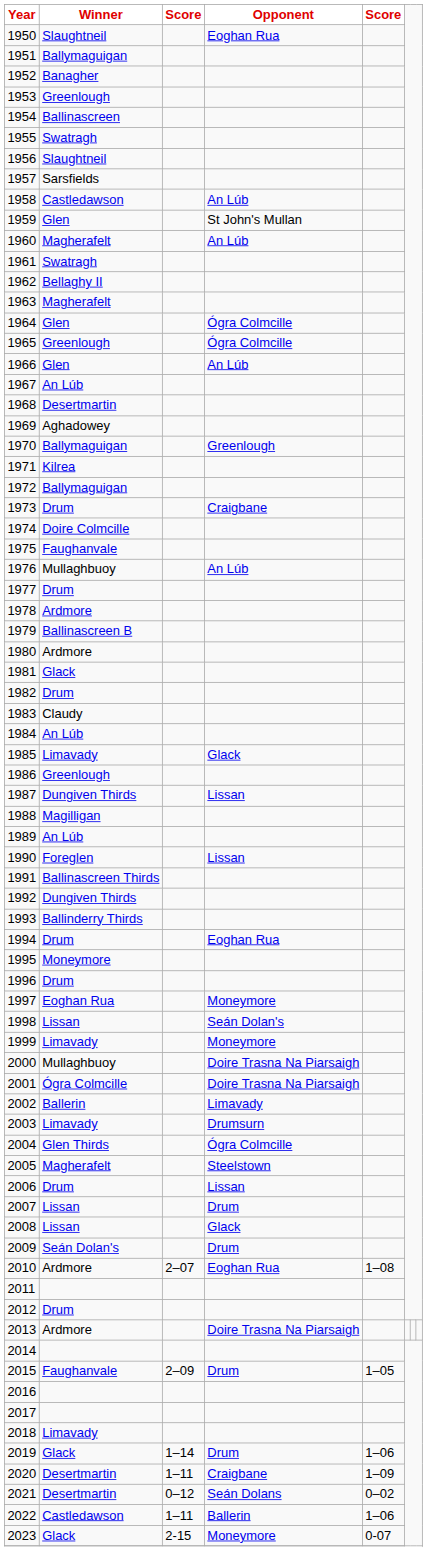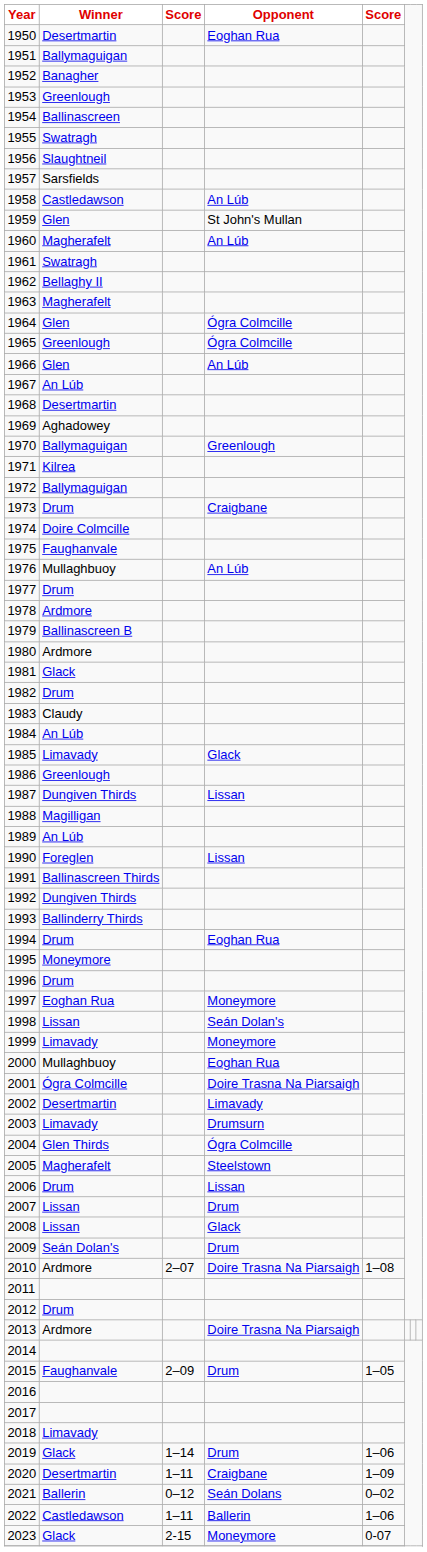 <table class="wikitable">
 <tr>
 <th style="background:white;color:#E00000;">Year</th>
 <th style="background:white;color:#E00000;">Winner</th>
 <th style="background:white;color:#E00000;">Score</th>
 <th style="background:white;color:#E00000;">Opponent</th>
 <th style="background:white;color:#E00000;">Score</th>
 </tr>
 <tr>
 <td>1950</td>
-<td><a href='#'>Slaughtneil</a></td>
+<td><a href='#'>Desertmartin</a></td>
 <td></td>
 <td><a href='#'>Eoghan Rua</a></td>
 <td></td>
 </tr>
 <tr>
 <td>1951</td>
 <td><a href='#'>Ballymaguigan</a></td>
 <td></td>
 <td></td>
 <td></td>
 </tr>
 <tr>
 <td>1952</td>
 <td><a href='#'>Banagher</a></td>
 <td></td>
 <td></td>
 <td></td>
 </tr>
 <tr>
 <td>1953</td>
 <td><a href='#'>Greenlough</a></td>
 <td></td>
 <td></td>
 <td></td>
 </tr>
 <tr>
 <td>1954</td>
 <td><a href='#'>Ballinascreen</a></td>
 <td></td>
 <td></td>
 <td></td>
 </tr>
 <tr>
 <td>1955</td>
 <td><a href='#'>Swatragh</a></td>
 <td></td>
 <td></td>
 <td></td>
 </tr>
 <tr>
 <td>1956</td>
 <td><a href='#'>Slaughtneil</a></td>
 <td></td>
 <td></td>
 <td></td>
 </tr>
 <tr>
 <td>1957</td>
 <td>Sarsfields</td>
 <td></td>
 <td></td>
 <td></td>
 </tr>
 <tr>
 <td>1958</td>
 <td><a href='#'>Castledawson</a></td>
 <td></td>
 <td><a href='#'>An Lúb</a></td>
 <td></td>
 </tr>
 <tr>
 <td>1959</td>
 <td><a href='#'>Glen</a></td>
 <td></td>
 <td>St John's Mullan</td>
 <td></td>
 </tr>
 <tr>
 <td>1960</td>
 <td><a href='#'>Magherafelt</a></td>
 <td></td>
 <td><a href='#'>An Lúb</a></td>
 <td></td>
 </tr>
 <tr>
 <td>1961</td>
 <td><a href='#'>Swatragh</a></td>
 <td></td>
 <td></td>
 <td></td>
 </tr>
 <tr>
 <td>1962</td>
 <td><a href='#'>Bellaghy II</a></td>
 <td></td>
 <td></td>
 <td></td>
 </tr>
 <tr>
 <td>1963</td>
 <td><a href='#'>Magherafelt</a></td>
 <td></td>
 <td></td>
 <td></td>
 </tr>
 <tr>
 <td>1964</td>
 <td><a href='#'>Glen</a></td>
 <td></td>
 <td><a href='#'>Ógra Colmcille</a></td>
 <td></td>
 </tr>
 <tr>
 <td>1965</td>
 <td><a href='#'>Greenlough</a></td>
 <td></td>
 <td><a href='#'>Ógra Colmcille</a></td>
 <td></td>
 </tr>
 <tr>
 <td>1966</td>
 <td><a href='#'>Glen</a></td>
 <td></td>
 <td><a href='#'>An Lúb</a></td>
 <td></td>
 </tr>
 <tr>
 <td>1967</td>
 <td><a href='#'>An Lúb</a></td>
 <td></td>
 <td></td>
 <td></td>
 </tr>
 <tr>
 <td>1968</td>
 <td><a href='#'>Desertmartin</a></td>
 <td></td>
 <td></td>
 <td></td>
 </tr>
 <tr>
 <td>1969</td>
 <td>Aghadowey</td>
 <td></td>
 <td></td>
 <td></td>
 </tr>
 <tr>
 <td>1970</td>
 <td><a href='#'>Ballymaguigan</a></td>
 <td></td>
 <td><a href='#'>Greenlough</a></td>
 <td></td>
 </tr>
 <tr>
 <td>1971</td>
 <td><a href='#'>Kilrea</a></td>
 <td></td>
 <td></td>
 <td></td>
 </tr>
 <tr>
 <td>1972</td>
 <td><a href='#'>Ballymaguigan</a></td>
 <td></td>
 <td></td>
 <td></td>
 </tr>
 <tr>
 <td>1973</td>
 <td><a href='#'>Drum</a></td>
 <td></td>
 <td><a href='#'>Craigbane</a></td>
 <td></td>
 </tr>
 <tr>
 <td>1974</td>
 <td><a href='#'>Doire Colmcille</a></td>
 <td></td>
 <td></td>
 <td></td>
 </tr>
 <tr>
 <td>1975</td>
 <td><a href='#'>Faughanvale</a></td>
 <td></td>
 <td></td>
 <td></td>
 </tr>
 <tr>
 <td>1976</td>
 <td>Mullaghbuoy</td>
 <td></td>
 <td><a href='#'>An Lúb</a></td>
 <td></td>
 </tr>
 <tr>
 <td>1977</td>
 <td><a href='#'>Drum</a></td>
 <td></td>
 <td></td>
 <td></td>
 </tr>
 <tr>
 <td>1978</td>
 <td><a href='#'>Ardmore</a></td>
 <td></td>
 <td></td>
 <td></td>
 </tr>
 <tr>
 <td>1979</td>
 <td><a href='#'>Ballinascreen B</a></td>
 <td></td>
 <td></td>
 <td></td>
 </tr>
 <tr>
 <td>1980</td>
 <td>Ardmore</td>
 <td></td>
 <td></td>
 <td></td>
 </tr>
 <tr>
 <td>1981</td>
 <td><a href='#'>Glack</a></td>
 <td></td>
 <td></td>
 <td></td>
 </tr>
 <tr>
 <td>1982</td>
 <td><a href='#'>Drum</a></td>
 <td></td>
 <td></td>
 <td></td>
 </tr>
 <tr>
 <td>1983</td>
 <td>Claudy</td>
 <td></td>
 <td></td>
 <td></td>
 </tr>
 <tr>
 <td>1984</td>
 <td><a href='#'>An Lúb</a></td>
 <td></td>
 <td></td>
 <td></td>
 </tr>
 <tr>
 <td>1985</td>
 <td><a href='#'>Limavady</a></td>
 <td></td>
 <td><a href='#'>Glack</a></td>
 <td></td>
 </tr>
 <tr>
 <td>1986</td>
 <td><a href='#'>Greenlough</a></td>
 <td></td>
 <td></td>
 <td></td>
 </tr>
 <tr>
 <td>1987</td>
 <td><a href='#'>Dungiven Thirds</a></td>
 <td></td>
 <td><a href='#'>Lissan</a></td>
 <td></td>
 </tr>
 <tr>
 <td>1988</td>
 <td><a href='#'>Magilligan</a></td>
 <td></td>
 <td></td>
 <td></td>
 </tr>
 <tr>
 <td>1989</td>
 <td><a href='#'>An Lúb</a></td>
 <td></td>
 <td></td>
 <td></td>
 </tr>
 <tr>
 <td>1990</td>
 <td><a href='#'>Foreglen</a></td>
 <td></td>
 <td><a href='#'>Lissan</a></td>
 <td></td>
 </tr>
 <tr>
 <td>1991</td>
 <td><a href='#'>Ballinascreen Thirds</a></td>
 <td></td>
 <td></td>
 <td></td>
 </tr>
 <tr>
 <td>1992</td>
 <td><a href='#'>Dungiven Thirds</a></td>
 <td></td>
 <td></td>
 <td></td>
 </tr>
 <tr>
 <td>1993</td>
 <td><a href='#'>Ballinderry Thirds</a></td>
 <td></td>
 <td></td>
 <td></td>
 </tr>
 <tr>
 <td>1994</td>
 <td><a href='#'>Drum</a></td>
 <td></td>
 <td><a href='#'>Eoghan Rua</a></td>
 <td></td>
 </tr>
 <tr>
 <td>1995</td>
 <td><a href='#'>Moneymore</a></td>
 <td></td>
 <td></td>
 <td></td>
 </tr>
 <tr>
 <td>1996</td>
 <td><a href='#'>Drum</a></td>
 <td></td>
 <td></td>
 <td></td>
 </tr>
 <tr>
 <td>1997</td>
 <td><a href='#'>Eoghan Rua</a></td>
 <td></td>
 <td><a href='#'>Moneymore</a></td>
 <td></td>
 </tr>
 <tr>
 <td>1998</td>
 <td><a href='#'>Lissan</a></td>
 <td></td>
 <td><a href='#'>Seán Dolan's</a></td>
 <td></td>
 </tr>
 <tr>
 <td>1999</td>
 <td><a href='#'>Limavady</a></td>
 <td></td>
 <td><a href='#'>Moneymore</a></td>
 <td></td>
 </tr>
 <tr>
 <td>2000</td>
 <td>Mullaghbuoy</td>
 <td></td>
-<td><a href='#'>Doire Trasna Na Piarsaigh</a></td>
+<td><a href='#'>Eoghan Rua</a></td>
 <td></td>
 </tr>
 <tr>
 <td>2001</td>
 <td><a href='#'>Ógra Colmcille</a></td>
 <td></td>
 <td><a href='#'>Doire Trasna Na Piarsaigh</a></td>
 <td></td>
 </tr>
 <tr>
 <td>2002</td>
-<td><a href='#'>Ballerin</a></td>
+<td><a href='#'>Desertmartin</a></td>
 <td></td>
 <td><a href='#'>Limavady</a></td>
 <td></td>
 </tr>
 <tr>
 <td>2003</td>
 <td><a href='#'>Limavady</a></td>
 <td></td>
 <td><a href='#'>Drumsurn</a></td>
 <td></td>
 </tr>
 <tr>
 <td>2004</td>
 <td><a href='#'>Glen Thirds</a></td>
 <td></td>
 <td><a href='#'>Ógra Colmcille</a></td>
 <td></td>
 </tr>
 <tr>
 <td>2005</td>
 <td><a href='#'>Magherafelt</a></td>
 <td></td>
 <td><a href='#'>Steelstown</a></td>
 <td></td>
 </tr>
 <tr>
 <td>2006</td>
 <td><a href='#'>Drum</a></td>
 <td></td>
 <td><a href='#'>Lissan</a></td>
 <td></td>
 </tr>
 <tr>
 <td>2007</td>
 <td><a href='#'>Lissan</a></td>
 <td></td>
 <td><a href='#'>Drum</a></td>
 <td></td>
 </tr>
 <tr>
 <td>2008</td>
 <td><a href='#'>Lissan</a></td>
 <td></td>
 <td><a href='#'>Glack</a></td>
 <td></td>
 </tr>
 <tr>
 <td>2009</td>
 <td><a href='#'>Seán Dolan's</a></td>
 <td></td>
 <td><a href='#'>Drum</a></td>
 <td></td>
 </tr>
 <tr>
 <td>2010</td>
 <td>Ardmore</td>
 <td>2–07</td>
-<td><a href='#'>Eoghan Rua</a></td>
+<td><a href='#'>Doire Trasna Na Piarsaigh</a></td>
 <td>1–08</td>
 </tr>
 <tr>
 <td>2011</td>
 <td></td>
 <td></td>
 <td></td>
 <td></td>
 </tr>
 <tr>
 <td>2012</td>
 <td><a href='#'>Drum</a></td>
 <td></td>
 <td></td>
 <td></td>
 </tr>
 <tr>
 <td>2013</td>
 <td>Ardmore</td>
 <td></td>
 <td><a href='#'>Doire Trasna Na Piarsaigh</a></td>
 <td></td>
 <td></td>
 <td></td>
 <td></td>
 </tr>
 <tr>
 <td>2014</td>
 <td></td>
 <td></td>
 <td></td>
 <td></td>
 </tr>
 <tr>
 <td>2015</td>
 <td><a href='#'>Faughanvale</a></td>
 <td>2–09</td>
 <td><a href='#'>Drum</a></td>
 <td>1–05</td>
 </tr>
 <tr>
 <td>2016</td>
 <td></td>
 <td></td>
 <td></td>
 <td></td>
 </tr>
 <tr>
 <td>2017</td>
 <td></td>
 <td></td>
 <td></td>
 <td></td>
 </tr>
 <tr>
 <td>2018</td>
 <td><a href='#'>Limavady</a></td>
 <td></td>
 <td></td>
 <td></td>
 </tr>
 <tr>
 <td>2019</td>
 <td><a href='#'>Glack</a></td>
 <td>1–14</td>
 <td><a href='#'>Drum</a></td>
 <td>1–06</td>
 </tr>
 <tr>
 <td>2020</td>
 <td><a href='#'>Desertmartin</a></td>
 <td>1–11</td>
 <td><a href='#'>Craigbane</a></td>
 <td>1–09</td>
 </tr>
 <tr>
 <td>2021</td>
-<td><a href='#'>Desertmartin</a></td>
+<td><a href='#'>Ballerin</a></td>
 <td>0–12</td>
 <td><a href='#'>Seán Dolans</a></td>
 <td>0–02</td>
 </tr>
 <tr>
 <td>2022</td>
 <td><a href='#'>Castledawson</a></td>
 <td>1–11</td>
 <td><a href='#'>Ballerin</a></td>
 <td>1–06</td>
 </tr>
 <tr>
 <td>2023</td>
 <td><a href='#'>Glack</a></td>
 <td>2-15</td>
 <td><a href='#'>Moneymore</a></td>
 <td>0-07</td>
 </tr>
 <tr>
 </tr>
 </table>
